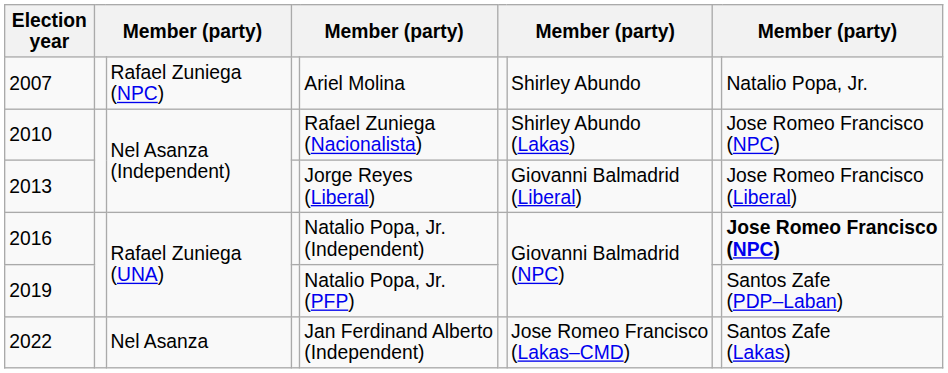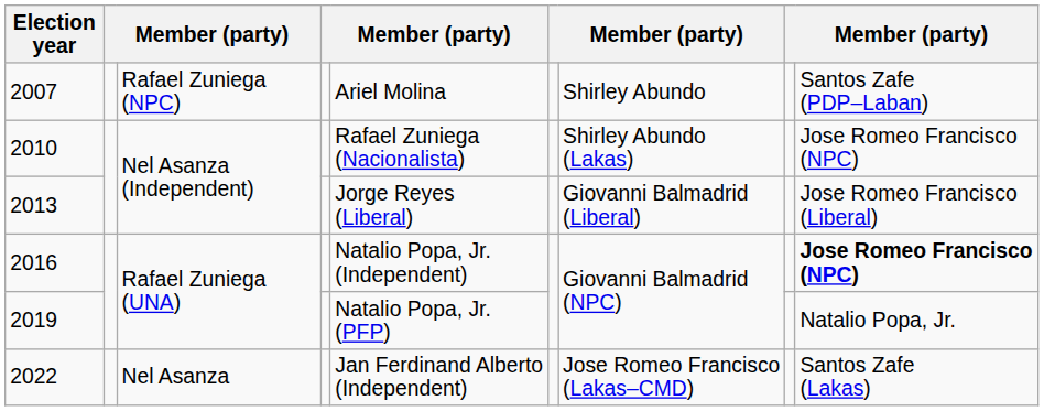 <table class=wikitable style="font-size:90%">
 <tr>
 <th width=60px>Election<br>year</th>
 <th colspan=2 width=140px>Member (party)</th>
 <th colspan="2">Member (party)</th>
 <th colspan="2">Member (party)</th>
 <th colspan="2">Member (party)</th>
 </tr>
 <tr>
 <td>2007</td>
 <td></td>
 <td>Rafael Zuniega<br>(<a href='#'>NPC</a>)</td>
 <td></td>
 <td>Ariel Molina</td>
 <td></td>
 <td>Shirley Abundo</td>
 <td></td>
-<td>Natalio Popa, Jr.</td>
+<td>Santos Zafe<br>(<a href='#'>PDP–Laban</a>)</td>
 </tr>
 <tr>
 <td>2010</td>
 <td rowspan=2></td>
 <td rowspan=2>Nel Asanza<br>(Independent)</td>
 <td></td>
 <td>Rafael Zuniega<br>(<a href='#'>Nacionalista</a>)</td>
 <td></td>
 <td>Shirley Abundo<br>(<a href='#'>Lakas</a>)</td>
 <td></td>
 <td>Jose Romeo Francisco<br>(<a href='#'>NPC</a>)</td>
 </tr>
 <tr>
 <td>2013</td>
 <td></td>
 <td>Jorge Reyes<br>(<a href='#'>Liberal</a>)</td>
 <td></td>
 <td>Giovanni Balmadrid<br>(<a href='#'>Liberal</a>)</td>
 <td></td>
 <td>Jose Romeo Francisco<br>(<a href='#'>Liberal</a>)</td>
 </tr>
 <tr>
 <td>2016</td>
 <td rowspan=2></td>
 <td rowspan=2>Rafael Zuniega<br>(<a href='#'>UNA</a>)</td>
 <td></td>
 <td>Natalio Popa, Jr.<br>(Independent)</td>
 <td rowspan=2></td>
 <td rowspan=2>Giovanni Balmadrid<br>(<a href='#'>NPC</a>)</td>
 <td></td>
 <td><strong>Jose Romeo Francisco<br>(<a href='#'>NPC</a>)</strong></td>
 </tr>
 <tr>
 <td>2019</td>
 <td></td>
 <td>Natalio Popa, Jr.<br>(<a href='#'>PFP</a>)</td>
 <td></td>
-<td>Santos Zafe<br>(<a href='#'>PDP–Laban</a>)</td>
+<td>Natalio Popa, Jr.</td>
 </tr>
 <tr>
 <td>2022</td>
 <td></td>
 <td>Nel Asanza</td>
 <td></td>
 <td>Jan Ferdinand Alberto<br>(Independent)</td>
 <td></td>
 <td>Jose Romeo Francisco<br>(<a href='#'>Lakas–CMD</a>)</td>
 <td></td>
 <td>Santos Zafe<br>(<a href='#'>Lakas</a>)</td>
 </tr>
 </table>
